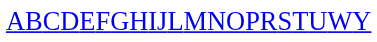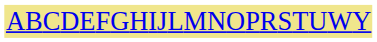 <table id="toc" class="toc" summary="Class">
 <tr>
 <th></th>
 </tr>
 <tr>
-<td style="text-align:center;"><a href='#'>A</a><a href='#'>B</a><a href='#'>C</a><a href='#'>D</a><a href='#'>E</a><a href='#'>F</a><a href='#'>G</a><a href='#'>H</a><a href='#'>I</a><a href='#'>J</a><a href='#'>L</a><a href='#'>M</a><a href='#'>N</a><a href='#'>O</a><a href='#'>P</a><a href='#'>R</a><a href='#'>S</a><a href='#'>T</a><a href='#'>U</a><a href='#'>W</a><a href='#'>Y</a></td>
+<td style="background: khaki; text-align:center;"><a href='#'>A</a><a href='#'>B</a><a href='#'>C</a><a href='#'>D</a><a href='#'>E</a><a href='#'>F</a><a href='#'>G</a><a href='#'>H</a><a href='#'>I</a><a href='#'>J</a><a href='#'>L</a><a href='#'>M</a><a href='#'>N</a><a href='#'>O</a><a href='#'>P</a><a href='#'>R</a><a href='#'>S</a><a href='#'>T</a><a href='#'>U</a><a href='#'>W</a><a href='#'>Y</a></td>
 </tr>
 </table>
